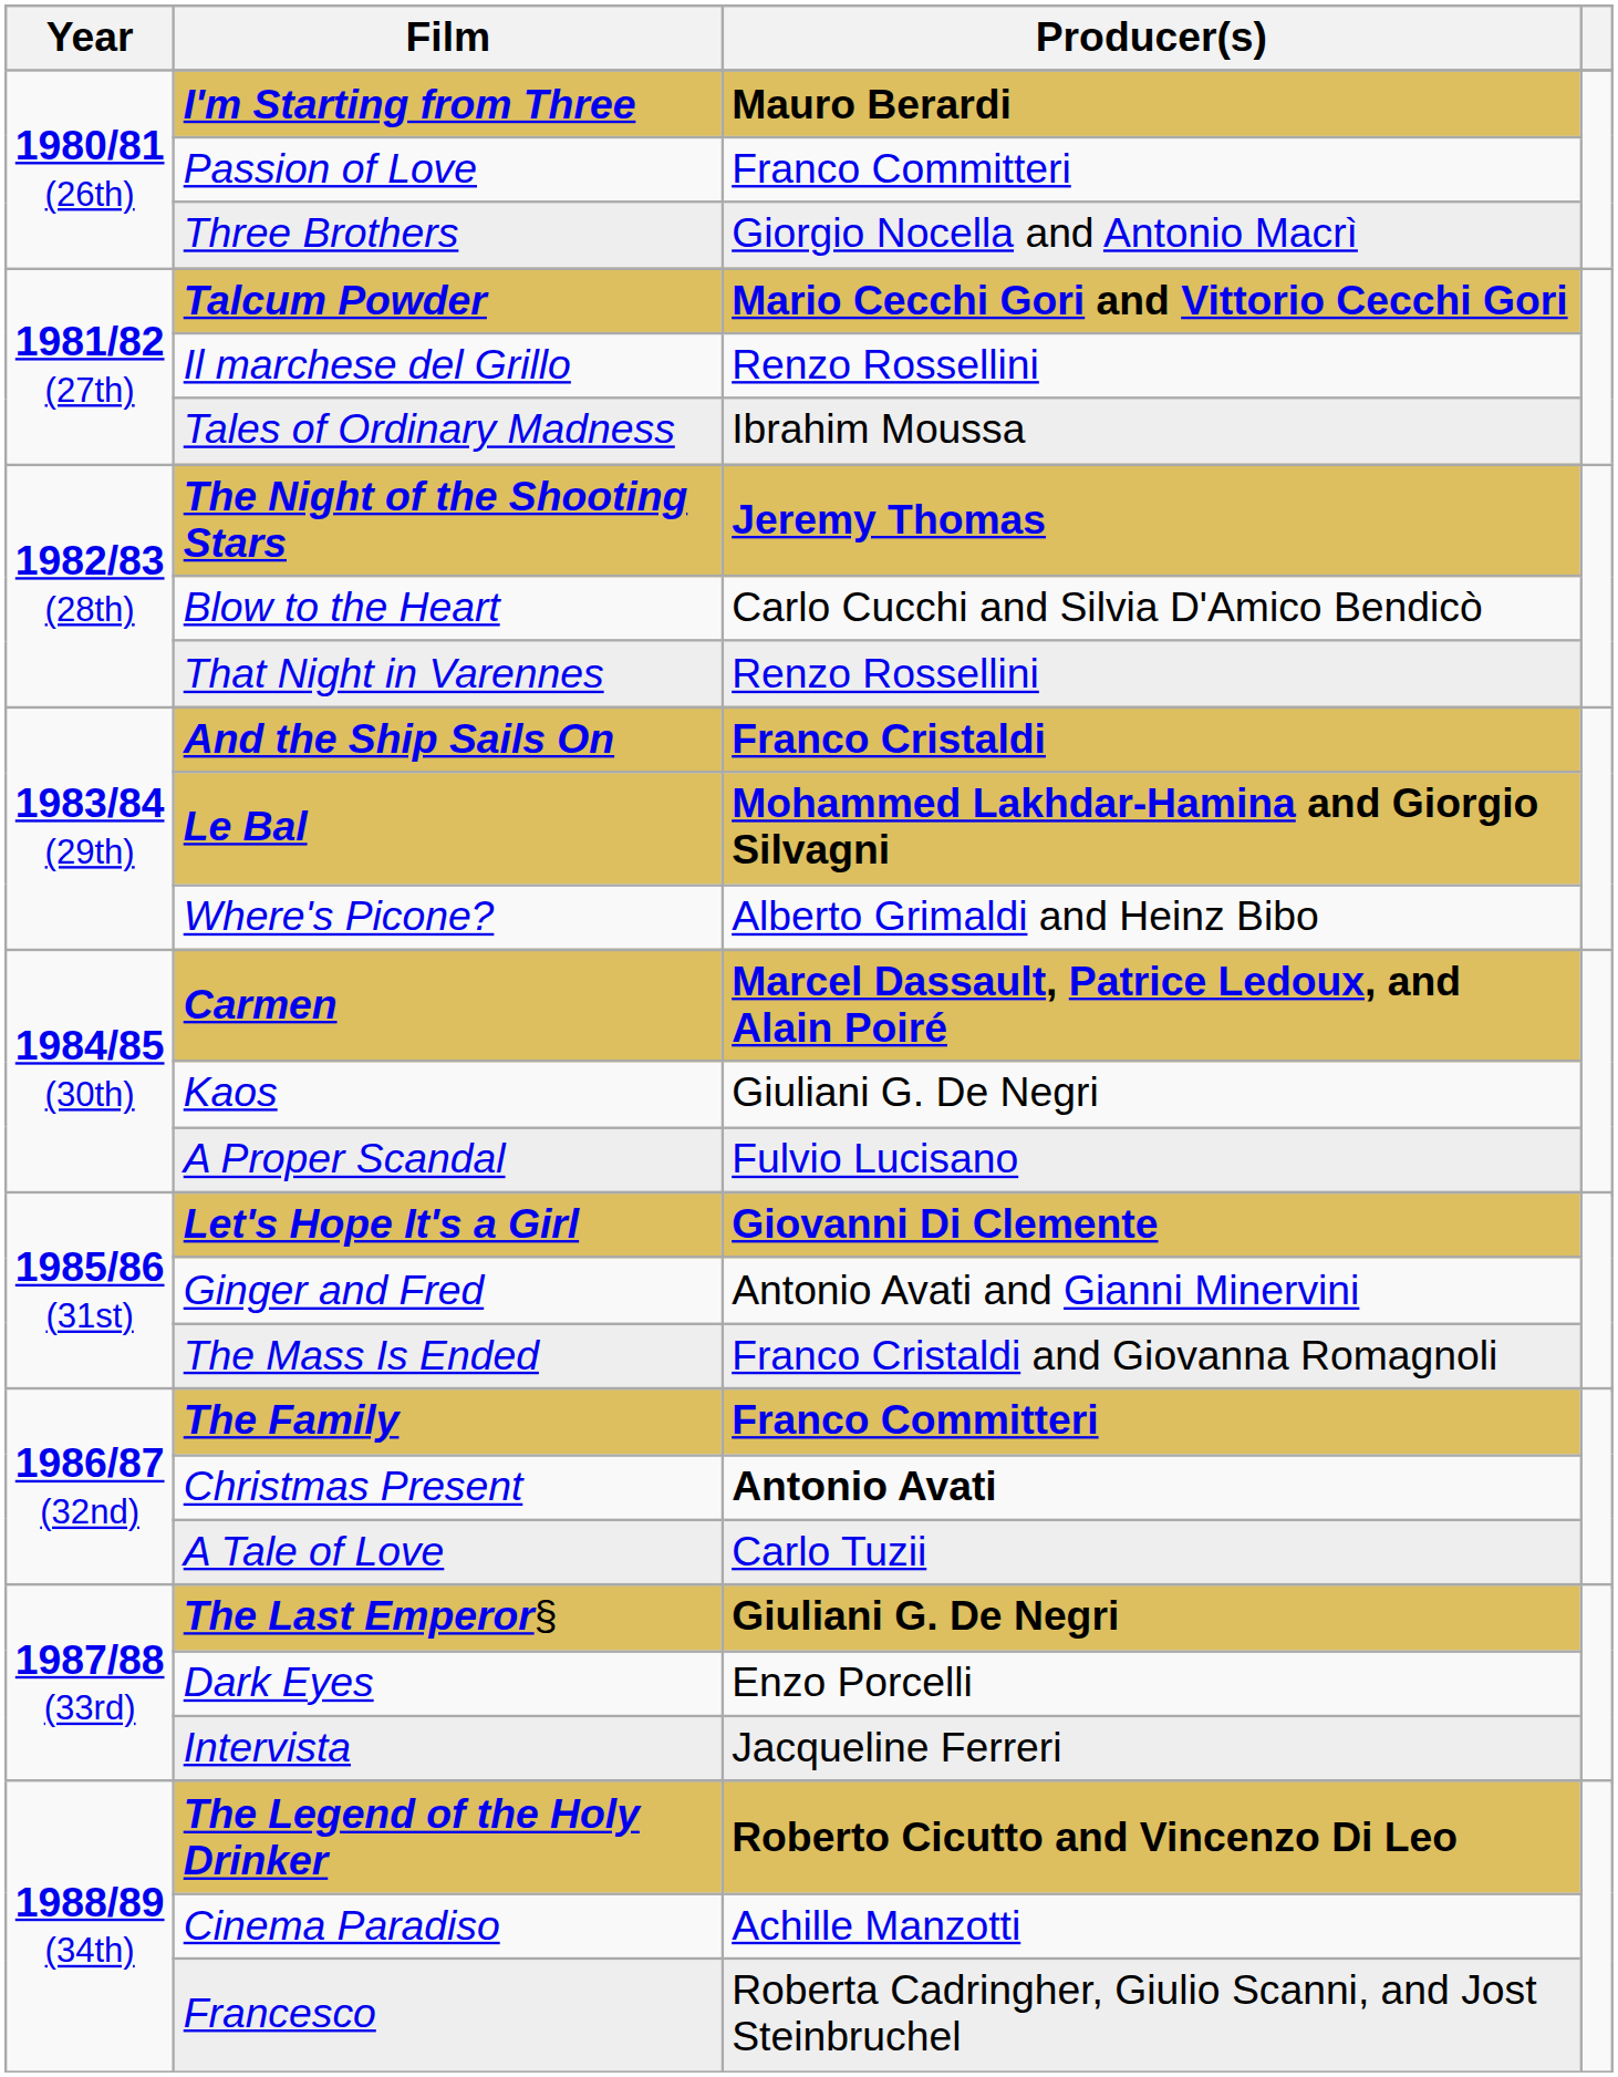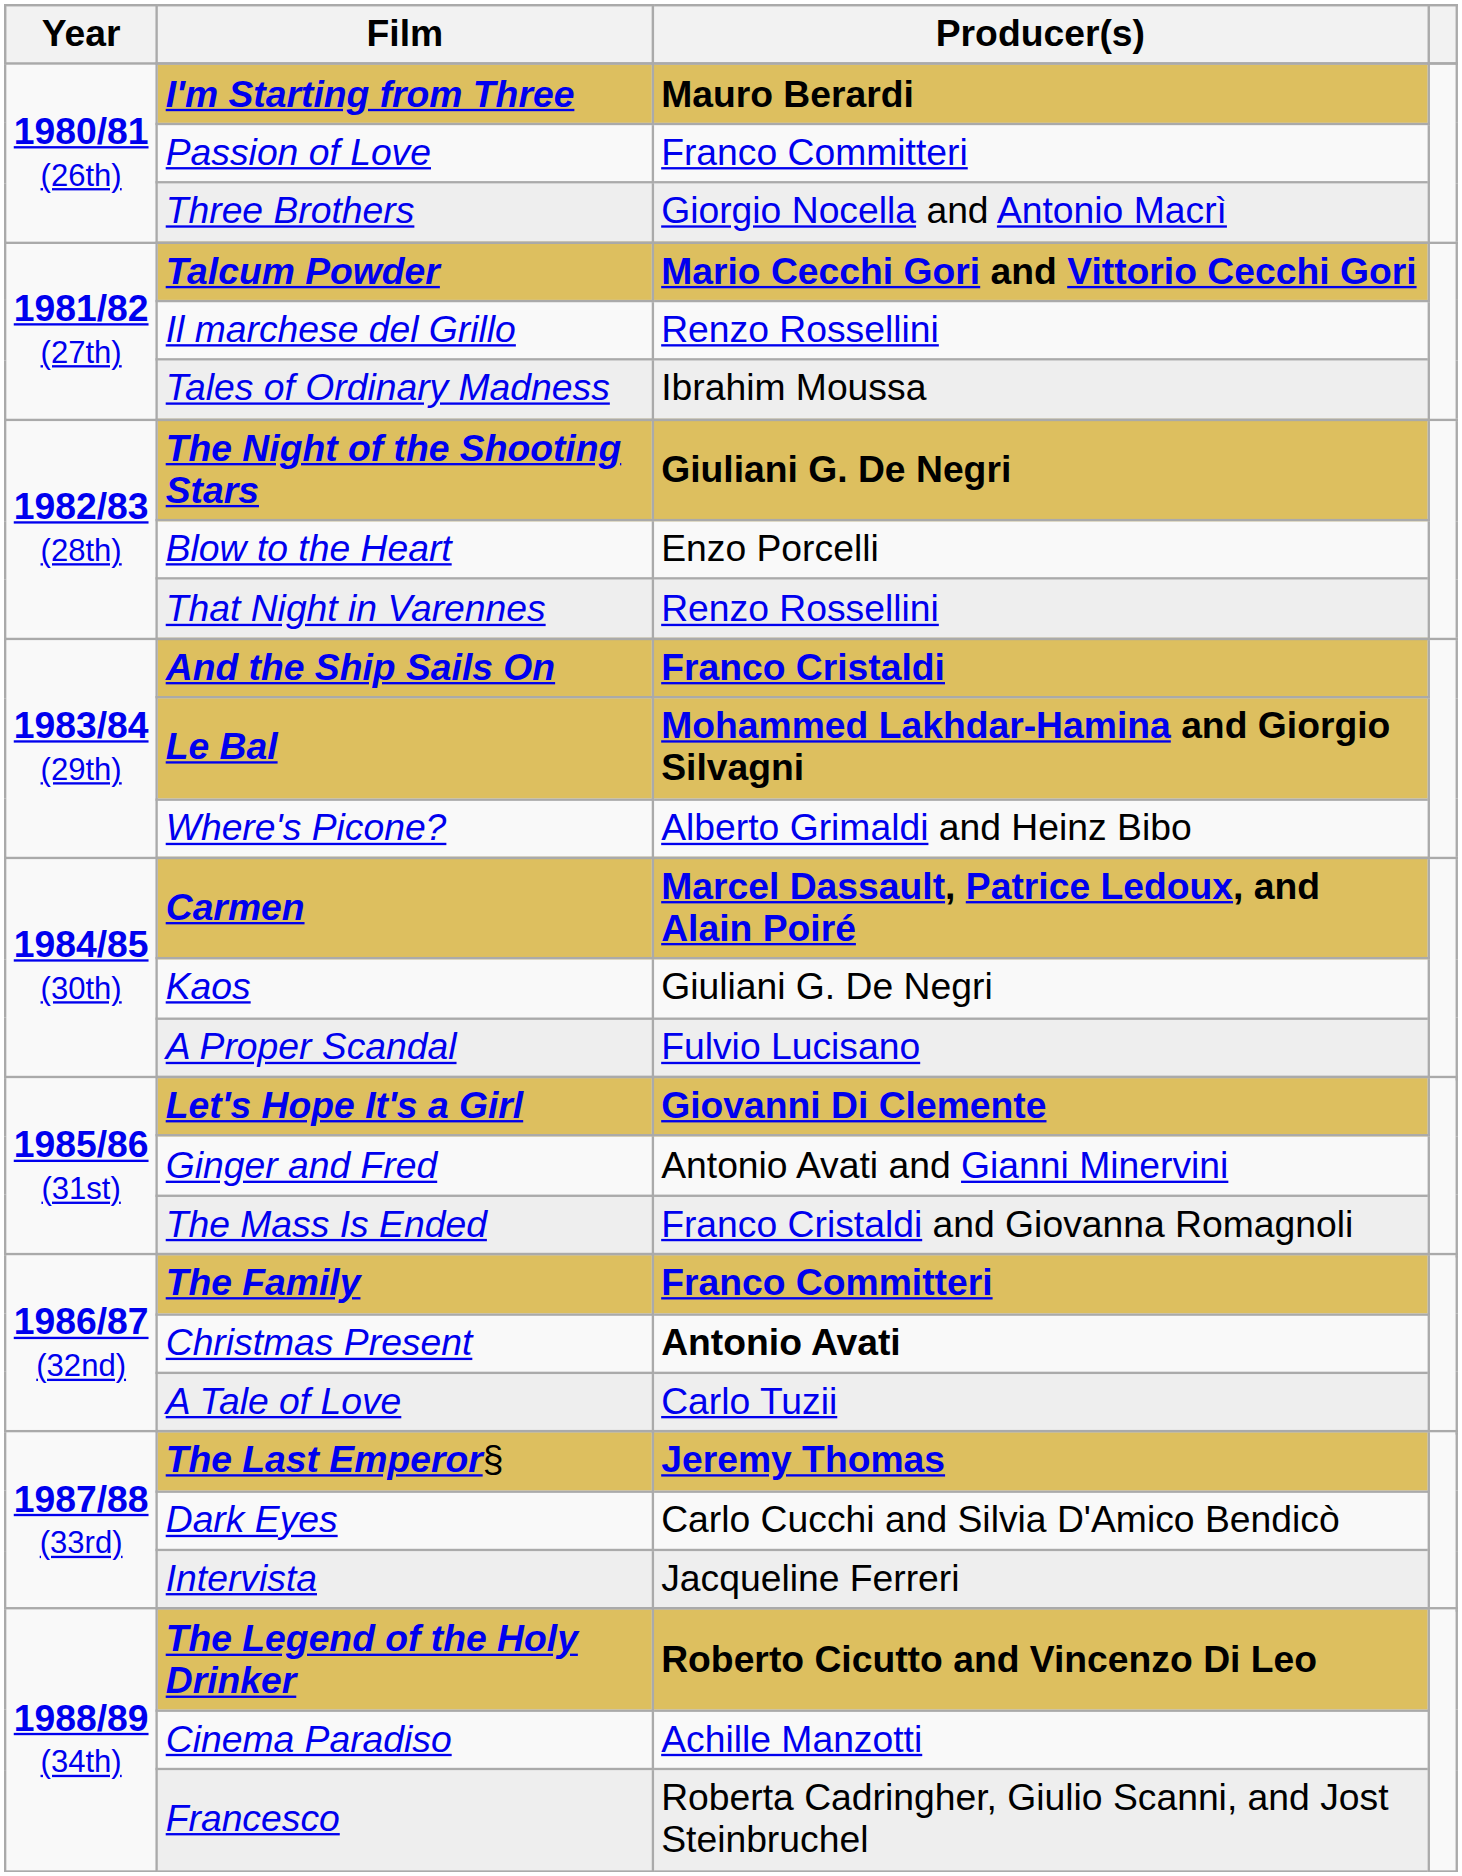 <table class="wikitable" style="width:100%">
 <tr bgcolor="#bebebe">
 <th width="8%">Year</th>
 <th width="35%">Film</th>
 <th width="55%">Producer(s)</th>
 <th width="2%" class="unstable"></th>
 </tr>
 <tr>
 <td rowspan=4 style="text-align:center"><strong><a href='#'>1980/81</a></strong><br><small><a href='#'>(26th)</a></small></td>
 </tr>
 <tr>
 <td style="background:#DDBF5F"><strong><em><a href='#'>I'm Starting from Three</a></em></strong></td>
 <td style="background:#DDBF5F"><strong>Mauro Berardi</strong></td>
 <td rowspan=4 style="text-align:center"></td>
 </tr>
 <tr>
 <td><em><a href='#'>Passion of Love</a></em></td>
 <td><a href='#'>Franco Committeri</a></td>
 </tr>
 <tr style="background:#eee;">
 <td><em><a href='#'>Three Brothers</a></em></td>
 <td><a href='#'>Giorgio Nocella</a> and <a href='#'>Antonio Macrì</a></td>
 </tr>
 <tr>
 <td rowspan=4 style="text-align:center"><strong><a href='#'>1981/82</a></strong><br><small><a href='#'>(27th)</a></small></td>
 </tr>
 <tr>
 <td style="background:#DDBF5F"><strong><em><a href='#'>Talcum Powder</a></em></strong></td>
 <td style="background:#DDBF5F"><strong><a href='#'>Mario Cecchi Gori</a> and <a href='#'>Vittorio Cecchi Gori</a></strong></td>
 <td rowspan=4 style="text-align:center"></td>
 </tr>
 <tr>
 <td><em><a href='#'>Il marchese del Grillo</a></em></td>
 <td><a href='#'>Renzo Rossellini</a></td>
 </tr>
 <tr style="background:#eee;">
 <td><em><a href='#'>Tales of Ordinary Madness</a></em></td>
 <td>Ibrahim Moussa</td>
 </tr>
 <tr>
 <td rowspan=4 style="text-align:center"><strong><a href='#'>1982/83</a></strong><br><small><a href='#'>(28th)</a></small></td>
 </tr>
 <tr>
 <td style="background:#DDBF5F"><strong><em><a href='#'>The Night of the Shooting Stars</a></em></strong></td>
-<td style="background:#DDBF5F"><strong><a href='#'>Jeremy Thomas</a></strong></td>
+<td style="background:#DDBF5F"><strong>Giuliani G. De Negri</strong></td>
 <td rowspan=4 style="text-align:center"></td>
 </tr>
 <tr>
 <td><em><a href='#'>Blow to the Heart</a></em></td>
-<td>Carlo Cucchi and Silvia D'Amico Bendicò</td>
+<td>Enzo Porcelli</td>
 </tr>
 <tr style="background:#eee;">
 <td><em><a href='#'>That Night in Varennes</a></em></td>
 <td><a href='#'>Renzo Rossellini</a></td>
 </tr>
 <tr>
 <td rowspan=4 style="text-align:center"><strong><a href='#'>1983/84</a></strong><br><small><a href='#'>(29th)</a></small></td>
 </tr>
 <tr>
 <td style="background:#DDBF5F"><strong><em><a href='#'>And the Ship Sails On</a></em></strong></td>
 <td style="background:#DDBF5F"><strong><a href='#'>Franco Cristaldi</a></strong></td>
 <td rowspan=4 style="text-align:center"></td>
 </tr>
 <tr>
 <td style="background:#DDBF5F"><strong><em><a href='#'>Le Bal</a></em></strong></td>
 <td style="background:#DDBF5F"><strong><a href='#'>Mohammed Lakhdar-Hamina</a> and Giorgio Silvagni</strong></td>
 </tr>
 <tr>
 <td><em><a href='#'>Where's Picone?</a></em></td>
 <td><a href='#'>Alberto Grimaldi</a> and Heinz Bibo</td>
 </tr>
 <tr>
 <td rowspan=4 style="text-align:center"><strong><a href='#'>1984/85</a></strong><br><small><a href='#'>(30th)</a></small></td>
 </tr>
 <tr>
 <td style="background:#DDBF5F"><strong><em><a href='#'>Carmen</a></em></strong></td>
 <td style="background:#DDBF5F"><strong><a href='#'>Marcel Dassault</a>, <a href='#'>Patrice Ledoux</a>, and <a href='#'>Alain Poiré</a></strong></td>
 <td rowspan=4 style="text-align:center"></td>
 </tr>
 <tr>
 <td><em><a href='#'>Kaos</a></em></td>
 <td>Giuliani G. De Negri</td>
 </tr>
 <tr style="background:#eee;">
 <td><em><a href='#'>A Proper Scandal</a></em></td>
 <td><a href='#'>Fulvio Lucisano</a></td>
 </tr>
 <tr>
 <td rowspan=4 style="text-align:center"><strong><a href='#'>1985/86</a></strong><br><small><a href='#'>(31st)</a></small></td>
 </tr>
 <tr>
 <td style="background:#DDBF5F"><strong><em><a href='#'>Let's Hope It's a Girl</a></em></strong></td>
 <td style="background:#DDBF5F"><strong><a href='#'>Giovanni Di Clemente</a></strong></td>
 <td rowspan=4 style="text-align:center"></td>
 </tr>
 <tr>
 <td><em><a href='#'>Ginger and Fred</a></em></td>
 <td>Antonio Avati and <a href='#'>Gianni Minervini</a></td>
 </tr>
 <tr style="background:#eee;">
 <td><em><a href='#'>The Mass Is Ended</a></em></td>
 <td><a href='#'>Franco Cristaldi</a> and Giovanna Romagnoli</td>
 </tr>
 <tr>
 <td rowspan=4 style="text-align:center"><strong><a href='#'>1986/87</a></strong><br><small><a href='#'>(32nd)</a></small></td>
 </tr>
 <tr>
 <td style="background:#DDBF5F"><strong><em><a href='#'>The Family</a></em></strong></td>
 <td style="background:#DDBF5F"><strong><a href='#'>Franco Committeri</a></strong></td>
 <td rowspan=4 style="text-align:center"></td>
 </tr>
 <tr>
 <td><em><a href='#'>Christmas Present</a></em></td>
 <td><strong>Antonio Avati</strong></td>
 </tr>
 <tr style="background:#eee;">
 <td><em><a href='#'>A Tale of Love</a></em></td>
 <td><a href='#'>Carlo Tuzii</a></td>
 </tr>
 <tr>
 <td rowspan=4 style="text-align:center"><strong><a href='#'>1987/88</a></strong><br><small><a href='#'>(33rd)</a></small></td>
 </tr>
 <tr>
 <td style="background:#DDBF5F"><strong><em><a href='#'>The Last Emperor</a></em></strong>§</td>
-<td style="background:#DDBF5F"><strong>Giuliani G. De Negri</strong></td>
+<td style="background:#DDBF5F"><strong><a href='#'>Jeremy Thomas</a></strong></td>
 <td rowspan=4 style="text-align:center"></td>
 </tr>
 <tr>
 <td><em><a href='#'>Dark Eyes</a></em></td>
-<td>Enzo Porcelli</td>
+<td>Carlo Cucchi and Silvia D'Amico Bendicò</td>
 </tr>
 <tr style="background:#eee;">
 <td><em><a href='#'>Intervista</a></em></td>
 <td>Jacqueline Ferreri</td>
 </tr>
 <tr>
 <td rowspan=4 style="text-align:center"><strong><a href='#'>1988/89</a></strong><br><small><a href='#'>(34th)</a></small></td>
 </tr>
 <tr>
 <td style="background:#DDBF5F"><strong><em><a href='#'>The Legend of the Holy Drinker</a></em></strong></td>
 <td style="background:#DDBF5F"><strong>Roberto Cicutto and Vincenzo Di Leo</strong></td>
 <td rowspan=4 style="text-align:center"></td>
 </tr>
 <tr>
 <td><em><a href='#'>Cinema Paradiso</a></em></td>
 <td><a href='#'>Achille Manzotti</a></td>
 </tr>
 <tr style="background:#eee;">
 <td><em><a href='#'>Francesco</a></em></td>
 <td>Roberta Cadringher, Giulio Scanni, and Jost Steinbruchel</td>
 </tr>
 </table>
